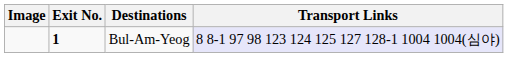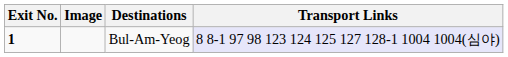 <table class="wikitable">
 <tr>
+<th>Exit No.</th>
 <th>Image</th>
-<th>Exit No.</th>
 <th>Destinations</th>
 <th>Transport Links</th>
 </tr>
 <tr>
+<td style="background:#"><strong>1</strong></td>
 <td></td>
-<td style="background:#"><strong>1</strong></td>
 <td>Bul-Am-Yeog</td>
 <td style="background: lavender;"><span>8 8-1</span> <span>97 98</span> <span>123 124 125 127 128-1</span> <span>1004 1004(심야)</span></td>
 </tr>
 </table>
